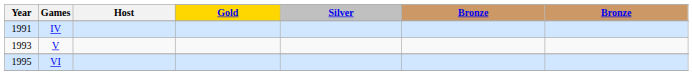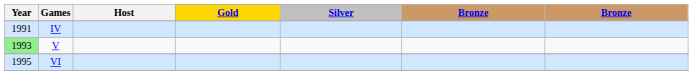 <table class="wikitable" style="text-align: center; font-size:95%;">
 <tr>
 <th rowspan="2" style="width:5%;">Year</th>
 <th rowspan="2" style="width:5%;">Games</th>
 <th rowspan="2" style="width:15%;">Host</th>
 </tr>
 <tr>
 <th style="background-color: gold"><a href='#'>Gold</a></th>
 <th style="background-color: silver"><a href='#'>Silver</a></th>
 <th style="background-color: #CC9966"><a href='#'>Bronze</a></th>
 <th style="background-color: #CC9966"><a href='#'>Bronze</a></th>
 </tr>
 <tr>
 </tr>
 <tr>
 </tr>
 <tr style="text-align:center; background:#d0e7ff;">
 <td>1991</td>
 <td align=center><a href='#'>IV</a></td>
 <td align="left"></td>
 <td align="left"></td>
 <td align="left"></td>
 <td align="left"></td>
 <td></td>
 </tr>
 <tr>
-<td>1993</td>
+<td style="background: lightgreen;">1993</td>
 <td align=center><a href='#'>V</a></td>
 <td align="left"></td>
 <td align="left"></td>
 <td align="left"></td>
 <td align="left"></td>
 <td></td>
 </tr>
 <tr>
 </tr>
 <tr style="text-align:center; background:#d0e7ff;">
 <td>1995</td>
 <td align=center><a href='#'>VI</a></td>
 <td align="left"></td>
 <td align="left"></td>
 <td align="left"></td>
 <td align="left"></td>
 <td></td>
 </tr>
 <tr>
 </tr>
 </table>
